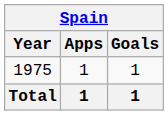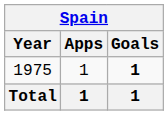 <table class="wikitable" style="text-align:center">
 <tr>
 <th colspan=3><a href='#'>Spain</a></th>
 </tr>
 <tr>
 <th>Year</th>
 <th>Apps</th>
 <th>Goals</th>
 </tr>
 <tr>
 <td>1975</td>
 <td>1</td>
-<td>1</td>
+<td><strong>1</strong></td>
 </tr>
 <tr>
 <th>Total</th>
 <th>1</th>
 <th>1</th>
 </tr>
 </table>
